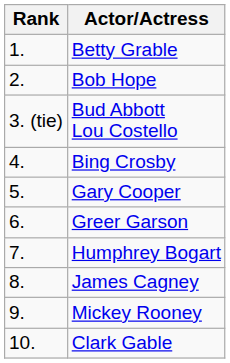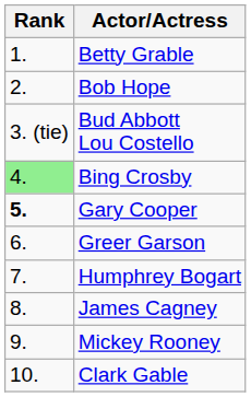 <table class="wikitable">
 <tr>
 <th>Rank</th>
 <th>Actor/Actress</th>
 </tr>
 <tr>
 <td>1.</td>
 <td><a href='#'>Betty Grable</a></td>
 </tr>
 <tr>
 <td>2.</td>
 <td><a href='#'>Bob Hope</a></td>
 </tr>
 <tr>
 <td>3. (tie)</td>
 <td><a href='#'>Bud Abbott</a><br><a href='#'>Lou Costello</a></td>
 </tr>
 <tr>
-<td>4.</td>
+<td style="background: lightgreen;">4.</td>
 <td><a href='#'>Bing Crosby</a></td>
 </tr>
 <tr>
-<td>5.</td>
+<td><strong>5.</strong></td>
 <td><a href='#'>Gary Cooper</a></td>
 </tr>
 <tr>
 <td>6.</td>
 <td><a href='#'>Greer Garson</a></td>
 </tr>
 <tr>
 <td>7.</td>
 <td><a href='#'>Humphrey Bogart</a></td>
 </tr>
 <tr>
 <td>8.</td>
 <td><a href='#'>James Cagney</a></td>
 </tr>
 <tr>
 <td>9.</td>
 <td><a href='#'>Mickey Rooney</a></td>
 </tr>
 <tr>
 <td>10.</td>
 <td><a href='#'>Clark Gable</a></td>
 </tr>
 </table>
